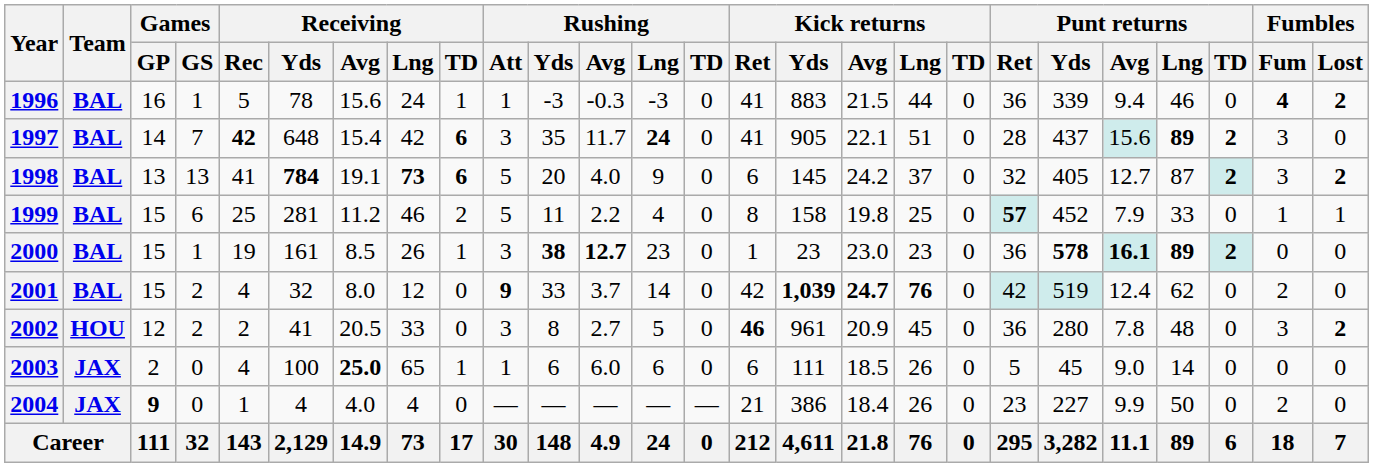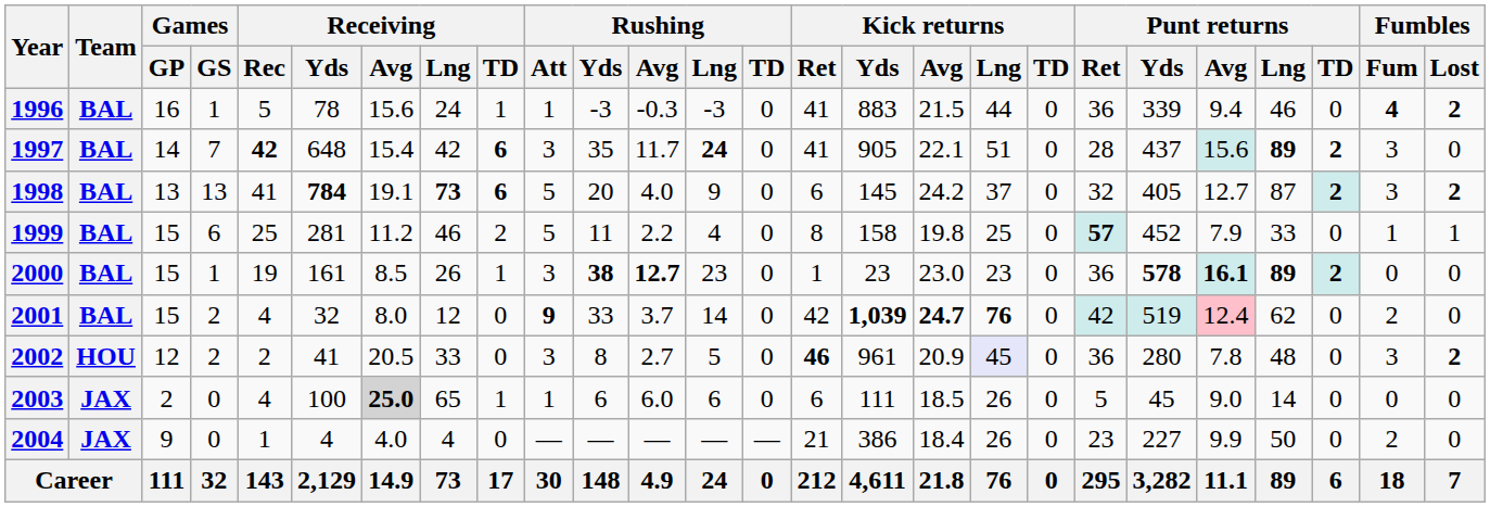 <table class="wikitable" style="text-align:center;">
 <tr>
 <th rowspan="2">Year</th>
 <th rowspan="2">Team</th>
 <th colspan="2">Games</th>
 <th colspan="5">Receiving</th>
 <th colspan="5">Rushing</th>
 <th colspan="5">Kick returns</th>
 <th colspan="5">Punt returns</th>
 <th colspan="2">Fumbles</th>
 </tr>
 <tr>
 <th>GP</th>
 <th>GS</th>
 <th>Rec</th>
 <th>Yds</th>
 <th>Avg</th>
 <th>Lng</th>
 <th>TD</th>
 <th>Att</th>
 <th>Yds</th>
 <th>Avg</th>
 <th>Lng</th>
 <th>TD</th>
 <th>Ret</th>
 <th>Yds</th>
 <th>Avg</th>
 <th>Lng</th>
 <th>TD</th>
 <th>Ret</th>
 <th>Yds</th>
 <th>Avg</th>
 <th>Lng</th>
 <th>TD</th>
 <th>Fum</th>
 <th>Lost</th>
 </tr>
 <tr>
 <th><a href='#'>1996</a></th>
 <th><a href='#'>BAL</a></th>
 <td>16</td>
 <td>1</td>
 <td>5</td>
 <td>78</td>
 <td>15.6</td>
 <td>24</td>
 <td>1</td>
 <td>1</td>
 <td>-3</td>
 <td>-0.3</td>
 <td>-3</td>
 <td>0</td>
 <td>41</td>
 <td>883</td>
 <td>21.5</td>
 <td>44</td>
 <td>0</td>
 <td>36</td>
 <td>339</td>
 <td>9.4</td>
 <td>46</td>
 <td>0</td>
 <td><strong>4</strong></td>
 <td><strong>2</strong></td>
 </tr>
 <tr>
 <th><a href='#'>1997</a></th>
 <th><a href='#'>BAL</a></th>
 <td>14</td>
 <td>7</td>
 <td><strong>42</strong></td>
 <td>648</td>
 <td>15.4</td>
 <td>42</td>
 <td><strong>6</strong></td>
 <td>3</td>
 <td>35</td>
 <td>11.7</td>
 <td><strong>24</strong></td>
 <td>0</td>
 <td>41</td>
 <td>905</td>
 <td>22.1</td>
 <td>51</td>
 <td>0</td>
 <td>28</td>
 <td>437</td>
 <td style="background:#cfecec;">15.6</td>
 <td><strong>89</strong></td>
 <td><strong>2</strong></td>
 <td>3</td>
 <td>0</td>
 </tr>
 <tr>
 <th><a href='#'>1998</a></th>
 <th><a href='#'>BAL</a></th>
 <td>13</td>
 <td>13</td>
 <td>41</td>
 <td><strong>784</strong></td>
 <td>19.1</td>
 <td><strong>73</strong></td>
 <td><strong>6</strong></td>
 <td>5</td>
 <td>20</td>
 <td>4.0</td>
 <td>9</td>
 <td>0</td>
 <td>6</td>
 <td>145</td>
 <td>24.2</td>
 <td>37</td>
 <td>0</td>
 <td>32</td>
 <td>405</td>
 <td>12.7</td>
 <td>87</td>
 <td style="background:#cfecec;"><strong>2</strong></td>
 <td>3</td>
 <td><strong>2</strong></td>
 </tr>
 <tr>
 <th><a href='#'>1999</a></th>
 <th><a href='#'>BAL</a></th>
 <td>15</td>
 <td>6</td>
 <td>25</td>
 <td>281</td>
 <td>11.2</td>
 <td>46</td>
 <td>2</td>
 <td>5</td>
 <td>11</td>
 <td>2.2</td>
 <td>4</td>
 <td>0</td>
 <td>8</td>
 <td>158</td>
 <td>19.8</td>
 <td>25</td>
 <td>0</td>
 <td style="background:#cfecec;"><strong>57</strong></td>
 <td>452</td>
 <td>7.9</td>
 <td>33</td>
 <td>0</td>
 <td>1</td>
 <td>1</td>
 </tr>
 <tr>
 <th><a href='#'>2000</a></th>
 <th><a href='#'>BAL</a></th>
 <td>15</td>
 <td>1</td>
 <td>19</td>
 <td>161</td>
 <td>8.5</td>
 <td>26</td>
 <td>1</td>
 <td>3</td>
 <td><strong>38</strong></td>
 <td><strong>12.7</strong></td>
 <td>23</td>
 <td>0</td>
 <td>1</td>
 <td>23</td>
 <td>23.0</td>
 <td>23</td>
 <td>0</td>
 <td>36</td>
 <td><strong>578</strong></td>
 <td style="background:#cfecec;"><strong>16.1</strong></td>
 <td><strong>89</strong></td>
 <td style="background:#cfecec;"><strong>2</strong></td>
 <td>0</td>
 <td>0</td>
 </tr>
 <tr>
 <th><a href='#'>2001</a></th>
 <th><a href='#'>BAL</a></th>
 <td>15</td>
 <td>2</td>
 <td>4</td>
 <td>32</td>
 <td>8.0</td>
 <td>12</td>
 <td>0</td>
 <td><strong>9</strong></td>
 <td>33</td>
 <td>3.7</td>
 <td>14</td>
 <td>0</td>
 <td>42</td>
 <td><strong>1,039</strong></td>
 <td><strong>24.7</strong></td>
 <td><strong>76</strong></td>
 <td>0</td>
 <td style="background:#cfecec;">42</td>
 <td style="background:#cfecec;">519</td>
-<td>12.4</td>
+<td style="background: pink;">12.4</td>
 <td>62</td>
 <td>0</td>
 <td>2</td>
 <td>0</td>
 </tr>
 <tr>
 <th><a href='#'>2002</a></th>
 <th><a href='#'>HOU</a></th>
 <td>12</td>
 <td>2</td>
 <td>2</td>
 <td>41</td>
 <td>20.5</td>
 <td>33</td>
 <td>0</td>
 <td>3</td>
 <td>8</td>
 <td>2.7</td>
 <td>5</td>
 <td>0</td>
 <td><strong>46</strong></td>
 <td>961</td>
 <td>20.9</td>
-<td>45</td>
+<td style="background: lavender;">45</td>
 <td>0</td>
 <td>36</td>
 <td>280</td>
 <td>7.8</td>
 <td>48</td>
 <td>0</td>
 <td>3</td>
 <td><strong>2</strong></td>
 </tr>
 <tr>
 <th><a href='#'>2003</a></th>
 <th><a href='#'>JAX</a></th>
 <td>2</td>
 <td>0</td>
 <td>4</td>
 <td>100</td>
-<td><strong>25.0</strong></td>
+<td style="background: lightgrey;"><strong>25.0</strong></td>
 <td>65</td>
 <td>1</td>
 <td>1</td>
 <td>6</td>
 <td>6.0</td>
 <td>6</td>
 <td>0</td>
 <td>6</td>
 <td>111</td>
 <td>18.5</td>
 <td>26</td>
 <td>0</td>
 <td>5</td>
 <td>45</td>
 <td>9.0</td>
 <td>14</td>
 <td>0</td>
 <td>0</td>
 <td>0</td>
 </tr>
 <tr>
 <th><a href='#'>2004</a></th>
 <th><a href='#'>JAX</a></th>
-<td><strong>9</strong></td>
+<td>9</td>
 <td>0</td>
 <td>1</td>
 <td>4</td>
 <td>4.0</td>
 <td>4</td>
 <td>0</td>
 <td>—</td>
 <td>—</td>
 <td>—</td>
 <td>—</td>
 <td>—</td>
 <td>21</td>
 <td>386</td>
 <td>18.4</td>
 <td>26</td>
 <td>0</td>
 <td>23</td>
 <td>227</td>
 <td>9.9</td>
 <td>50</td>
 <td>0</td>
 <td>2</td>
 <td>0</td>
 </tr>
 <tr>
 <th colspan="2">Career</th>
 <th>111</th>
 <th>32</th>
 <th>143</th>
 <th>2,129</th>
 <th>14.9</th>
 <th>73</th>
 <th>17</th>
 <th>30</th>
 <th>148</th>
 <th>4.9</th>
 <th>24</th>
 <th>0</th>
 <th>212</th>
 <th>4,611</th>
 <th>21.8</th>
 <th>76</th>
 <th>0</th>
 <th>295</th>
 <th>3,282</th>
 <th>11.1</th>
 <th>89</th>
 <th>6</th>
 <th>18</th>
 <th>7</th>
 </tr>
 </table>
